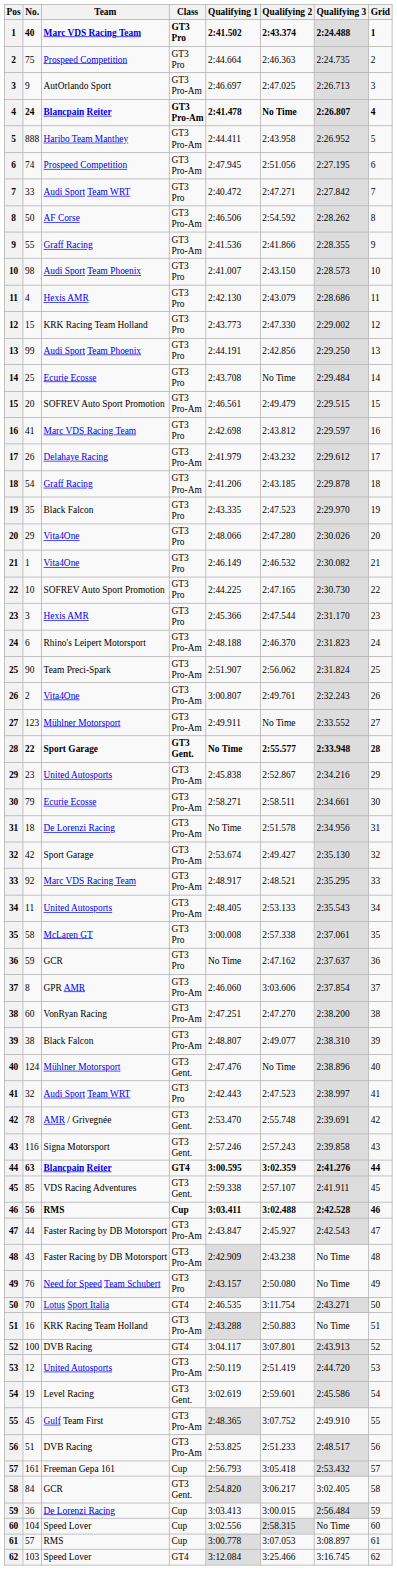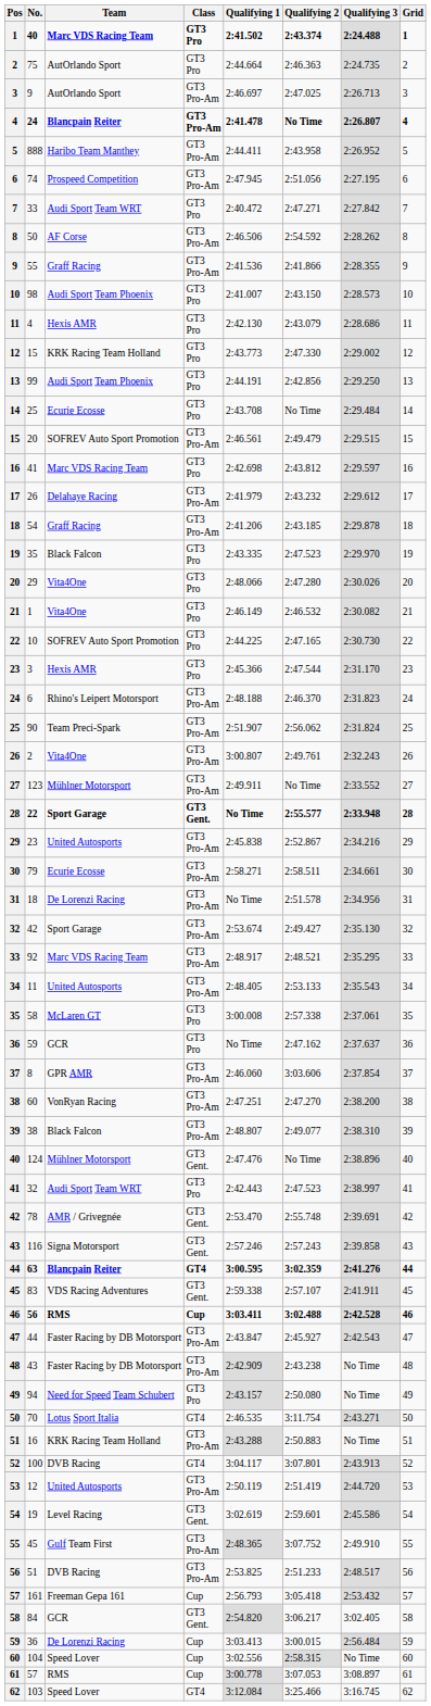 <table class="wikitable" style="font-size: 85%;">
 <tr>
 <th>Pos</th>
 <th>No.</th>
 <th>Team</th>
 <th>Class</th>
 <th>Qualifying 1</th>
 <th>Qualifying 2</th>
 <th>Qualifying 3</th>
 <th>Grid</th>
 </tr>
 <tr style="font-weight:bold">
 <th>1</th>
 <td>40</td>
 <td><a href='#'>Marc VDS Racing Team</a></td>
 <td>GT3<br>Pro</td>
 <td>2:41.502</td>
 <td>2:43.374</td>
 <td style="background:#DDDDDD;">2:24.488</td>
 <td>1</td>
 </tr>
 <tr>
 <th>2</th>
 <td>75</td>
-<td><a href='#'>Prospeed Competition</a></td>
+<td>AutOrlando Sport</td>
 <td>GT3<br>Pro</td>
 <td>2:44.664</td>
 <td>2:46.363</td>
 <td style="background:#DDDDDD;">2:24.735</td>
 <td>2</td>
 </tr>
 <tr>
 <th>3</th>
 <td>9</td>
 <td>AutOrlando Sport</td>
 <td>GT3<br>Pro-Am</td>
 <td>2:46.697</td>
 <td>2:47.025</td>
 <td style="background:#DDDDDD;">2:26.713</td>
 <td>3</td>
 </tr>
 <tr style="font-weight:bold">
 <th>4</th>
 <td>24</td>
 <td><a href='#'>Blancpain</a> <a href='#'>Reiter</a></td>
 <td>GT3<br>Pro-Am</td>
 <td>2:41.478</td>
 <td>No Time</td>
 <td style="background:#DDDDDD;">2:26.807</td>
 <td>4</td>
 </tr>
 <tr>
 <th>5</th>
 <td>888</td>
 <td><a href='#'>Haribo Team Manthey</a></td>
 <td>GT3<br>Pro-Am</td>
 <td>2:44.411</td>
 <td>2:43.958</td>
 <td style="background:#DDDDDD;">2:26.952</td>
 <td>5</td>
 </tr>
 <tr>
 <th>6</th>
 <td>74</td>
 <td><a href='#'>Prospeed Competition</a></td>
 <td>GT3<br>Pro-Am</td>
 <td>2:47.945</td>
 <td>2:51.056</td>
 <td style="background:#DDDDDD;">2:27.195</td>
 <td>6</td>
 </tr>
 <tr>
 <th>7</th>
 <td>33</td>
 <td><a href='#'>Audi Sport</a> <a href='#'>Team WRT</a></td>
 <td>GT3<br>Pro</td>
 <td>2:40.472</td>
 <td>2:47.271</td>
 <td style="background:#DDDDDD;">2:27.842</td>
 <td>7</td>
 </tr>
 <tr>
 <th>8</th>
 <td>50</td>
 <td><a href='#'>AF Corse</a></td>
 <td>GT3<br>Pro-Am</td>
 <td>2:46.506</td>
 <td>2:54.592</td>
 <td style="background:#DDDDDD;">2:28.262</td>
 <td>8</td>
 </tr>
 <tr>
 <th>9</th>
 <td>55</td>
 <td><a href='#'>Graff Racing</a></td>
 <td>GT3<br>Pro-Am</td>
 <td>2:41.536</td>
 <td>2:41.866</td>
 <td style="background:#DDDDDD;">2:28.355</td>
 <td>9</td>
 </tr>
 <tr>
 <th>10</th>
 <td>98</td>
 <td><a href='#'>Audi Sport</a> <a href='#'>Team Phoenix</a></td>
 <td>GT3<br>Pro</td>
 <td>2:41.007</td>
 <td>2:43.150</td>
 <td style="background:#DDDDDD;">2:28.573</td>
 <td>10</td>
 </tr>
 <tr>
 <th>11</th>
 <td>4</td>
 <td><a href='#'>Hexis AMR</a></td>
 <td>GT3<br>Pro</td>
 <td>2:42.130</td>
 <td>2:43.079</td>
 <td style="background:#DDDDDD;">2:28.686</td>
 <td>11</td>
 </tr>
 <tr>
 <th>12</th>
 <td>15</td>
 <td>KRK Racing Team Holland</td>
 <td>GT3<br>Pro</td>
 <td>2:43.773</td>
 <td>2:47.330</td>
 <td style="background:#DDDDDD;">2:29.002</td>
 <td>12</td>
 </tr>
 <tr>
 <th>13</th>
 <td>99</td>
 <td><a href='#'>Audi Sport</a> <a href='#'>Team Phoenix</a></td>
 <td>GT3<br>Pro</td>
 <td>2:44.191</td>
 <td>2:42.856</td>
 <td style="background:#DDDDDD;">2:29.250</td>
 <td>13</td>
 </tr>
 <tr>
 <th>14</th>
 <td>25</td>
 <td><a href='#'>Ecurie Ecosse</a></td>
 <td>GT3<br>Pro</td>
 <td>2:43.708</td>
 <td>No Time</td>
 <td style="background:#DDDDDD;">2:29.484</td>
 <td>14</td>
 </tr>
 <tr>
 <th>15</th>
 <td>20</td>
 <td>SOFREV Auto Sport Promotion</td>
 <td>GT3<br>Pro-Am</td>
 <td>2:46.561</td>
 <td>2:49.479</td>
 <td style="background:#DDDDDD;">2:29.515</td>
 <td>15</td>
 </tr>
 <tr>
 <th>16</th>
 <td>41</td>
 <td><a href='#'>Marc VDS Racing Team</a></td>
 <td>GT3<br>Pro</td>
 <td>2:42.698</td>
 <td>2:43.812</td>
 <td style="background:#DDDDDD;">2:29.597</td>
 <td>16</td>
 </tr>
 <tr>
 <th>17</th>
 <td>26</td>
 <td><a href='#'>Delahaye Racing</a></td>
 <td>GT3<br>Pro-Am</td>
 <td>2:41.979</td>
 <td>2:43.232</td>
 <td style="background:#DDDDDD;">2:29.612</td>
 <td>17</td>
 </tr>
 <tr>
 <th>18</th>
 <td>54</td>
 <td><a href='#'>Graff Racing</a></td>
 <td>GT3<br>Pro-Am</td>
 <td>2:41.206</td>
 <td>2:43.185</td>
 <td style="background:#DDDDDD;">2:29.878</td>
 <td>18</td>
 </tr>
 <tr>
 <th>19</th>
 <td>35</td>
 <td>Black Falcon</td>
 <td>GT3<br>Pro</td>
 <td>2:43.335</td>
 <td>2:47.523</td>
 <td style="background:#DDDDDD;">2:29.970</td>
 <td>19</td>
 </tr>
 <tr>
 <th>20</th>
 <td>29</td>
 <td><a href='#'>Vita4One</a></td>
 <td>GT3<br>Pro</td>
 <td>2:48.066</td>
 <td>2:47.280</td>
 <td style="background:#DDDDDD;">2:30.026</td>
 <td>20</td>
 </tr>
 <tr>
 <th>21</th>
 <td>1</td>
 <td><a href='#'>Vita4One</a></td>
 <td>GT3<br>Pro</td>
 <td>2:46.149</td>
 <td>2:46.532</td>
 <td style="background:#DDDDDD;">2:30.082</td>
 <td>21</td>
 </tr>
 <tr>
 <th>22</th>
 <td>10</td>
 <td>SOFREV Auto Sport Promotion</td>
 <td>GT3<br>Pro</td>
 <td>2:44.225</td>
 <td>2:47.165</td>
 <td style="background:#DDDDDD;">2:30.730</td>
 <td>22</td>
 </tr>
 <tr>
 <th>23</th>
 <td>3</td>
 <td><a href='#'>Hexis AMR</a></td>
 <td>GT3<br>Pro</td>
 <td>2:45.366</td>
 <td>2:47.544</td>
 <td style="background:#DDDDDD;">2:31.170</td>
 <td>23</td>
 </tr>
 <tr>
 <th>24</th>
 <td>6</td>
 <td>Rhino's Leipert Motorsport</td>
 <td>GT3<br>Pro-Am</td>
 <td>2:48.188</td>
 <td>2:46.370</td>
 <td style="background:#DDDDDD;">2:31.823</td>
 <td>24</td>
 </tr>
 <tr>
 <th>25</th>
 <td>90</td>
 <td>Team Preci-Spark</td>
 <td>GT3<br>Pro-Am</td>
 <td>2:51.907</td>
 <td>2:56.062</td>
 <td style="background:#DDDDDD;">2:31.824</td>
 <td>25</td>
 </tr>
 <tr>
 <th>26</th>
 <td>2</td>
 <td><a href='#'>Vita4One</a></td>
 <td>GT3<br>Pro-Am</td>
 <td>3:00.807</td>
 <td>2:49.761</td>
 <td style="background:#DDDDDD;">2:32.243</td>
 <td>26</td>
 </tr>
 <tr>
 <th>27</th>
 <td>123</td>
 <td><a href='#'>Mühlner Motorsport</a></td>
 <td>GT3<br>Pro-Am</td>
 <td>2:49.911</td>
 <td>No Time</td>
 <td style="background:#DDDDDD;">2:33.552</td>
 <td>27</td>
 </tr>
 <tr style="font-weight:bold">
 <th>28</th>
 <td>22</td>
 <td>Sport Garage</td>
 <td>GT3<br>Gent.</td>
 <td>No Time</td>
 <td>2:55.577</td>
 <td style="background:#DDDDDD;">2:33.948</td>
 <td>28</td>
 </tr>
 <tr>
 <th>29</th>
 <td>23</td>
 <td><a href='#'>United Autosports</a></td>
 <td>GT3<br>Pro-Am</td>
 <td>2:45.838</td>
 <td>2:52.867</td>
 <td style="background:#DDDDDD;">2:34.216</td>
 <td>29</td>
 </tr>
 <tr>
 <th>30</th>
 <td>79</td>
 <td><a href='#'>Ecurie Ecosse</a></td>
 <td>GT3<br>Pro-Am</td>
 <td>2:58.271</td>
 <td>2:58.511</td>
 <td style="background:#DDDDDD;">2:34.661</td>
 <td>30</td>
 </tr>
 <tr>
 <th>31</th>
 <td>18</td>
 <td><a href='#'>De Lorenzi Racing</a></td>
 <td>GT3<br>Pro-Am</td>
 <td>No Time</td>
 <td>2:51.578</td>
 <td style="background:#DDDDDD;">2:34.956</td>
 <td>31</td>
 </tr>
 <tr>
 <th>32</th>
 <td>42</td>
 <td>Sport Garage</td>
 <td>GT3<br>Pro-Am</td>
 <td>2:53.674</td>
 <td>2:49.427</td>
 <td style="background:#DDDDDD;">2:35.130</td>
 <td>32</td>
 </tr>
 <tr>
 <th>33</th>
 <td>92</td>
 <td><a href='#'>Marc VDS Racing Team</a></td>
 <td>GT3<br>Pro-Am</td>
 <td>2:48.917</td>
 <td>2:48.521</td>
 <td style="background:#DDDDDD;">2:35.295</td>
 <td>33</td>
 </tr>
 <tr>
 <th>34</th>
 <td>11</td>
 <td><a href='#'>United Autosports</a></td>
 <td>GT3<br>Pro-Am</td>
 <td>2:48.405</td>
 <td>2:53.133</td>
 <td style="background:#DDDDDD;">2:35.543</td>
 <td>34</td>
 </tr>
 <tr>
 <th>35</th>
 <td>58</td>
 <td><a href='#'>McLaren GT</a></td>
 <td>GT3<br>Pro</td>
 <td>3:00.008</td>
 <td>2:57.338</td>
 <td style="background:#DDDDDD;">2:37.061</td>
 <td>35</td>
 </tr>
 <tr>
 <th>36</th>
 <td>59</td>
 <td>GCR</td>
 <td>GT3<br>Pro</td>
 <td>No Time</td>
 <td>2:47.162</td>
 <td style="background:#DDDDDD;">2:37.637</td>
 <td>36</td>
 </tr>
 <tr>
 <th>37</th>
 <td>8</td>
 <td>GPR <a href='#'>AMR</a></td>
 <td>GT3<br>Pro-Am</td>
 <td>2:46.060</td>
 <td>3:03.606</td>
 <td style="background:#DDDDDD;">2:37.854</td>
 <td>37</td>
 </tr>
 <tr>
 <th>38</th>
 <td>60</td>
 <td>VonRyan Racing</td>
 <td>GT3<br>Pro-Am</td>
 <td>2:47.251</td>
 <td>2:47.270</td>
 <td style="background:#DDDDDD;">2:38.200</td>
 <td>38</td>
 </tr>
 <tr>
 <th>39</th>
 <td>38</td>
 <td>Black Falcon</td>
 <td>GT3<br>Pro-Am</td>
 <td>2:48.807</td>
 <td>2:49.077</td>
 <td style="background:#DDDDDD;">2:38.310</td>
 <td>39</td>
 </tr>
 <tr>
 <th>40</th>
 <td>124</td>
 <td><a href='#'>Mühlner Motorsport</a></td>
 <td>GT3<br>Gent.</td>
 <td>2:47.476</td>
 <td>No Time</td>
 <td style="background:#DDDDDD;">2:38.896</td>
 <td>40</td>
 </tr>
 <tr>
 <th>41</th>
 <td>32</td>
 <td><a href='#'>Audi Sport</a> <a href='#'>Team WRT</a></td>
 <td>GT3<br>Pro</td>
 <td>2:42.443</td>
 <td>2:47.523</td>
 <td style="background:#DDDDDD;">2:38.997</td>
 <td>41</td>
 </tr>
 <tr>
 <th>42</th>
 <td>78</td>
 <td><a href='#'>AMR</a> / Grivegnée</td>
 <td>GT3<br>Gent.</td>
 <td>2:53.470</td>
 <td>2:55.748</td>
 <td style="background:#DDDDDD;">2:39.691</td>
 <td>42</td>
 </tr>
 <tr>
 <th>43</th>
 <td>116</td>
 <td>Signa Motorsport</td>
 <td>GT3<br>Gent.</td>
 <td>2:57.246</td>
 <td>2:57.243</td>
 <td style="background:#DDDDDD;">2:39.858</td>
 <td>43</td>
 </tr>
 <tr style="font-weight:bold">
 <th>44</th>
 <td>63</td>
 <td><a href='#'>Blancpain</a> <a href='#'>Reiter</a></td>
 <td>GT4</td>
 <td>3:00.595</td>
 <td>3:02.359</td>
 <td style="background:#DDDDDD;">2:41.276</td>
 <td>44</td>
 </tr>
 <tr>
 <th>45</th>
-<td>85</td>
+<td>83</td>
 <td>VDS Racing Adventures</td>
 <td>GT3<br>Gent.</td>
 <td>2:59.338</td>
 <td>2:57.107</td>
 <td style="background:#DDDDDD;">2:41.911</td>
 <td>45</td>
 </tr>
 <tr style="font-weight:bold">
 <th>46</th>
 <td>56</td>
 <td>RMS</td>
 <td>Cup</td>
 <td>3:03.411</td>
 <td>3:02.488</td>
 <td style="background:#DDDDDD;">2:42.528</td>
 <td>46</td>
 </tr>
 <tr>
 <th>47</th>
 <td>44</td>
 <td>Faster Racing by DB Motorsport</td>
 <td>GT3<br>Pro-Am</td>
 <td>2:43.847</td>
 <td>2:45.927</td>
 <td style="background:#DDDDDD;">2:42.543</td>
 <td>47</td>
 </tr>
 <tr>
 <th>48</th>
 <td>43</td>
 <td>Faster Racing by DB Motorsport</td>
 <td>GT3<br>Pro-Am</td>
 <td style="background:#DDDDDD;">2:42.909</td>
 <td>2:43.238</td>
 <td>No Time</td>
 <td>48</td>
 </tr>
 <tr>
 <th>49</th>
-<td>76</td>
+<td>94</td>
 <td><a href='#'>Need for Speed</a> <a href='#'>Team Schubert</a></td>
 <td>GT3<br>Pro</td>
 <td style="background:#DDDDDD;">2:43.157</td>
 <td>2:50.080</td>
 <td>No Time</td>
 <td>49</td>
 </tr>
 <tr>
 <th>50</th>
 <td>70</td>
 <td><a href='#'>Lotus</a> <a href='#'>Sport Italia</a></td>
 <td>GT4</td>
 <td>2:46.535</td>
 <td>3:11.754</td>
 <td style="background:#DDDDDD;">2:43.271</td>
 <td>50</td>
 </tr>
 <tr>
 <th>51</th>
 <td>16</td>
 <td>KRK Racing Team Holland</td>
 <td>GT3<br>Pro-Am</td>
 <td style="background:#DDDDDD;">2:43.288</td>
 <td>2:50.883</td>
 <td>No Time</td>
 <td>51</td>
 </tr>
 <tr>
 <th>52</th>
 <td>100</td>
 <td>DVB Racing</td>
 <td>GT4</td>
 <td>3:04.117</td>
 <td>3:07.801</td>
 <td style="background:#DDDDDD;">2:43.913</td>
 <td>52</td>
 </tr>
 <tr>
 <th>53</th>
 <td>12</td>
 <td><a href='#'>United Autosports</a></td>
 <td>GT3<br>Pro-Am</td>
 <td>2:50.119</td>
 <td>2:51.419</td>
 <td style="background:#DDDDDD;">2:44.720</td>
 <td>53</td>
 </tr>
 <tr>
 <th>54</th>
 <td>19</td>
 <td>Level Racing</td>
 <td>GT3<br>Gent.</td>
 <td>3:02.619</td>
 <td>2:59.601</td>
 <td style="background:#DDDDDD;">2:45.586</td>
 <td>54</td>
 </tr>
 <tr>
 <th>55</th>
 <td>45</td>
 <td><a href='#'>Gulf</a> Team First</td>
 <td>GT3<br>Pro-Am</td>
 <td style="background:#DDDDDD;">2:48.365</td>
 <td>3:07.752</td>
 <td>2:49.910</td>
 <td>55</td>
 </tr>
 <tr>
 <th>56</th>
 <td>51</td>
 <td>DVB Racing</td>
 <td>GT3<br>Pro-Am</td>
 <td>2:53.825</td>
 <td>2:51.233</td>
 <td style="background:#DDDDDD;">2:48.517</td>
 <td>56</td>
 </tr>
 <tr>
 <th>57</th>
 <td>161</td>
 <td>Freeman Gepa 161</td>
 <td>Cup</td>
 <td>2:56.793</td>
 <td>3:05.418</td>
 <td style="background:#DDDDDD;">2:53.432</td>
 <td>57</td>
 </tr>
 <tr>
 <th>58</th>
 <td>84</td>
 <td>GCR</td>
 <td>GT3<br>Gent.</td>
 <td style="background:#DDDDDD;">2:54.820</td>
 <td>3:06.217</td>
 <td>3:02.405</td>
 <td>58</td>
 </tr>
 <tr>
 <th>59</th>
 <td>36</td>
 <td><a href='#'>De Lorenzi Racing</a></td>
 <td>Cup</td>
 <td>3:03.413</td>
 <td>3:00.015</td>
 <td style="background:#DDDDDD;">2:56.484</td>
 <td>59</td>
 </tr>
 <tr>
 <th>60</th>
 <td>104</td>
 <td>Speed Lover</td>
 <td>Cup</td>
 <td>3:02.556</td>
 <td style="background:#DDDDDD;">2:58.315</td>
 <td>No Time</td>
 <td>60</td>
 </tr>
 <tr>
 <th>61</th>
 <td>57</td>
 <td>RMS</td>
 <td>Cup</td>
 <td style="background:#DDDDDD;">3:00.778</td>
 <td>3:07.053</td>
 <td>3:08.897</td>
 <td>61</td>
 </tr>
 <tr>
 <th>62</th>
 <td>103</td>
 <td>Speed Lover</td>
 <td>GT4</td>
 <td style="background:#DDDDDD;">3:12.084</td>
 <td>3:25.466</td>
 <td>3:16.745</td>
 <td>62</td>
 </tr>
 </table>
